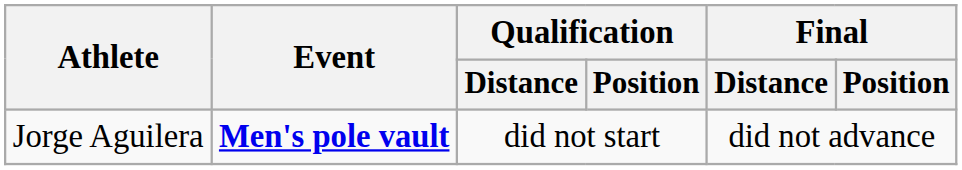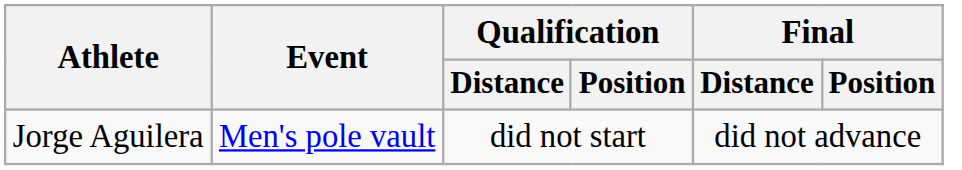 <table class=wikitable style="font-size:90%">
 <tr>
 <th rowspan="2">Athlete</th>
 <th rowspan="2">Event</th>
 <th colspan="2">Qualification</th>
 <th colspan="2">Final</th>
 </tr>
 <tr style="font-size:95%">
 <th>Distance</th>
 <th>Position</th>
 <th>Distance</th>
 <th>Position</th>
 </tr>
 <tr align=center>
 <td align=left>Jorge Aguilera</td>
-<td align=left><strong><a href='#'>Men's pole vault</a></strong></td>
+<td align=left><a href='#'>Men's pole vault</a></td>
 <td colspan=2>did not start</td>
 <td colspan=2>did not advance</td>
 </tr>
 </table>
